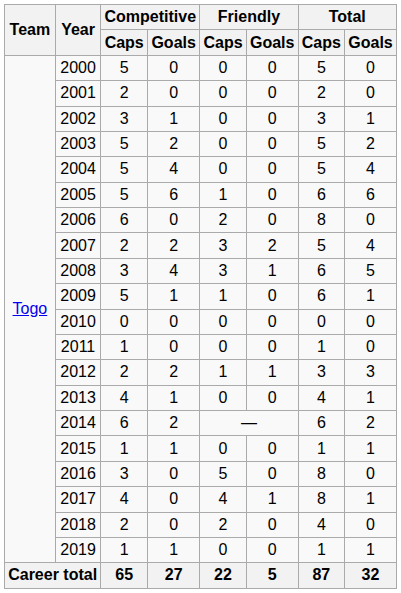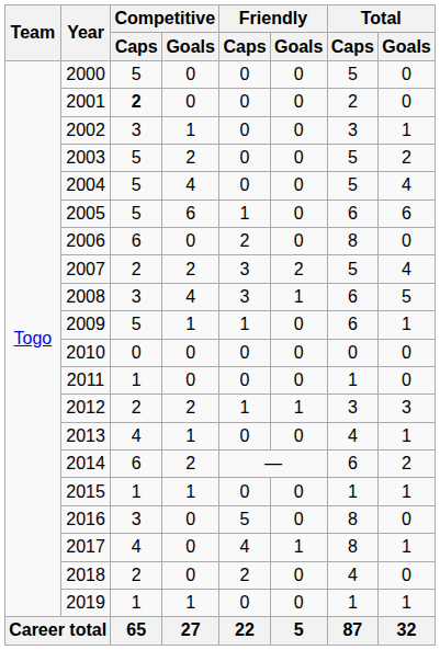 <table class="wikitable" style="text-align:center">
 <tr>
 <th rowspan="2" scope="col">Team</th>
 <th rowspan="2" scope="col">Year</th>
 <th colspan="2" scope="colgroup">Competitive</th>
 <th colspan="2" scope="colgroup">Friendly</th>
 <th colspan="2" scope="colgroup">Total</th>
 </tr>
 <tr>
 <th scope="col">Caps</th>
 <th scope="col">Goals</th>
 <th scope="col">Caps</th>
 <th scope="col">Goals</th>
 <th scope="col">Caps</th>
 <th scope="col">Goals</th>
 </tr>
 <tr>
 <td rowspan="20"><a href='#'>Togo</a></td>
 <td scope="row">2000</td>
 <td>5</td>
 <td>0</td>
 <td>0</td>
 <td>0</td>
 <td>5</td>
 <td>0</td>
 </tr>
 <tr>
 <td scope="row">2001</td>
-<td>2</td>
+<td><strong>2</strong></td>
 <td>0</td>
 <td>0</td>
 <td>0</td>
 <td>2</td>
 <td>0</td>
 </tr>
 <tr>
 <td scope="row">2002</td>
 <td>3</td>
 <td>1</td>
 <td>0</td>
 <td>0</td>
 <td>3</td>
 <td>1</td>
 </tr>
 <tr>
 <td scope="row">2003</td>
 <td>5</td>
 <td>2</td>
 <td>0</td>
 <td>0</td>
 <td>5</td>
 <td>2</td>
 </tr>
 <tr>
 <td scope="row">2004</td>
 <td>5</td>
 <td>4</td>
 <td>0</td>
 <td>0</td>
 <td>5</td>
 <td>4</td>
 </tr>
 <tr>
 <td scope="row">2005</td>
 <td>5</td>
 <td>6</td>
 <td>1</td>
 <td>0</td>
 <td>6</td>
 <td>6</td>
 </tr>
 <tr>
 <td scope="row">2006</td>
 <td>6</td>
 <td>0</td>
 <td>2</td>
 <td>0</td>
 <td>8</td>
 <td>0</td>
 </tr>
 <tr>
 <td scope="row">2007</td>
 <td>2</td>
 <td>2</td>
 <td>3</td>
 <td>2</td>
 <td>5</td>
 <td>4</td>
 </tr>
 <tr>
 <td scope="row">2008</td>
 <td>3</td>
 <td>4</td>
 <td>3</td>
 <td>1</td>
 <td>6</td>
 <td>5</td>
 </tr>
 <tr>
 <td scope="row">2009</td>
 <td>5</td>
 <td>1</td>
 <td>1</td>
 <td>0</td>
 <td>6</td>
 <td>1</td>
 </tr>
 <tr>
 <td scope="row">2010</td>
 <td>0</td>
 <td>0</td>
 <td>0</td>
 <td>0</td>
 <td>0</td>
 <td>0</td>
 </tr>
 <tr>
 <td scope="row">2011</td>
 <td>1</td>
 <td>0</td>
 <td>0</td>
 <td>0</td>
 <td>1</td>
 <td>0</td>
 </tr>
 <tr>
 <td scope="row">2012</td>
 <td>2</td>
 <td>2</td>
 <td>1</td>
 <td>1</td>
 <td>3</td>
 <td>3</td>
 </tr>
 <tr>
 <td scope="row">2013</td>
 <td>4</td>
 <td>1</td>
 <td>0</td>
 <td>0</td>
 <td>4</td>
 <td>1</td>
 </tr>
 <tr>
 <td scope="row">2014</td>
 <td>6</td>
 <td>2</td>
 <td colspan="2">—</td>
 <td>6</td>
 <td>2</td>
 </tr>
 <tr>
 <td scope="row">2015</td>
 <td>1</td>
 <td>1</td>
 <td>0</td>
 <td>0</td>
 <td>1</td>
 <td>1</td>
 </tr>
 <tr>
 <td scope="row">2016</td>
 <td>3</td>
 <td>0</td>
 <td>5</td>
 <td>0</td>
 <td>8</td>
 <td>0</td>
 </tr>
 <tr>
 <td scope="row">2017</td>
 <td>4</td>
 <td>0</td>
 <td>4</td>
 <td>1</td>
 <td>8</td>
 <td>1</td>
 </tr>
 <tr>
 <td scope="row">2018</td>
 <td>2</td>
 <td>0</td>
 <td>2</td>
 <td>0</td>
 <td>4</td>
 <td>0</td>
 </tr>
 <tr>
 <td scope="row">2019</td>
 <td>1</td>
 <td>1</td>
 <td>0</td>
 <td>0</td>
 <td>1</td>
 <td>1</td>
 </tr>
 <tr>
 <th colspan="2">Career total</th>
 <th>65</th>
 <th>27</th>
 <th>22</th>
 <th>5</th>
 <th>87</th>
 <th>32</th>
 </tr>
 </table>
